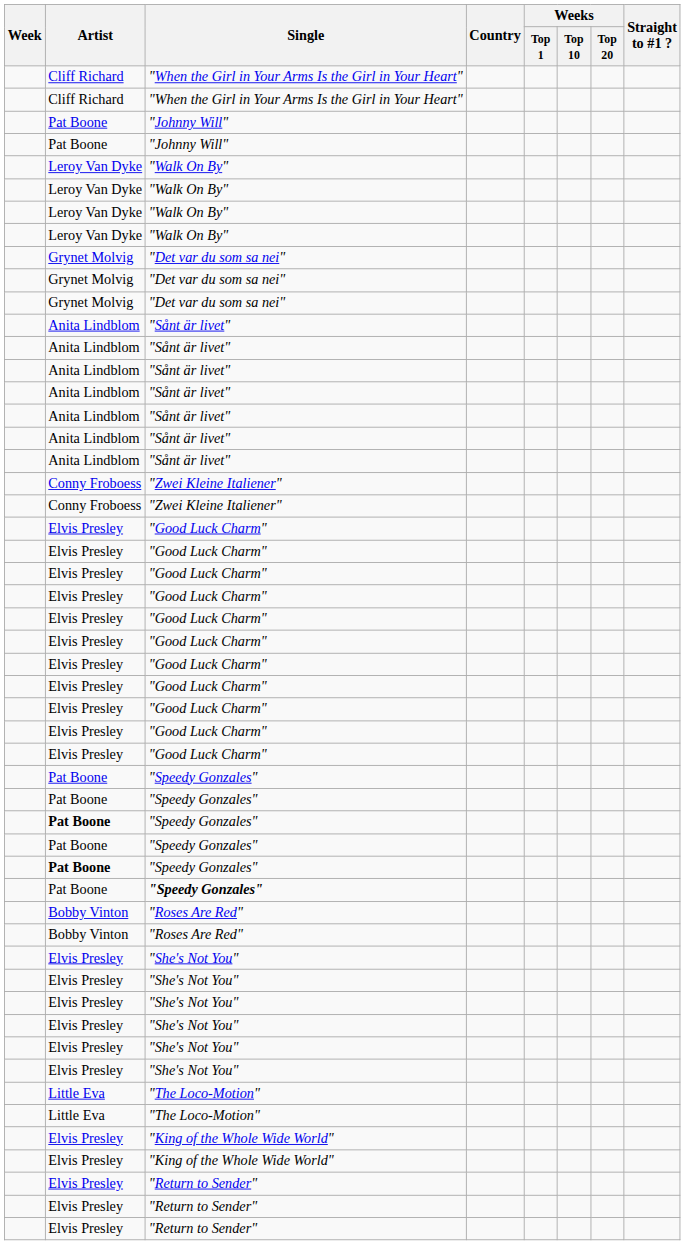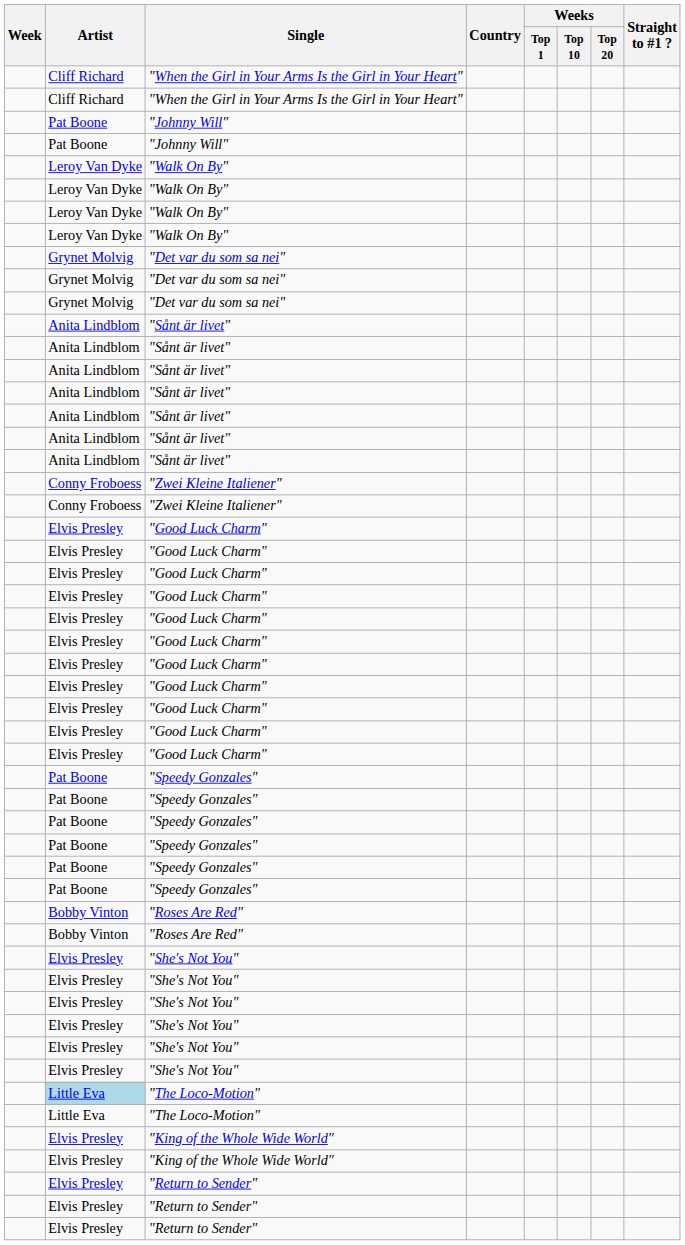 <table class="wikitable">
 <tr>
 <th rowspan="2">Week</th>
 <th rowspan="2">Artist</th>
 <th rowspan="2">Single</th>
 <th rowspan="2">Country</th>
 <th colspan="3">Weeks</th>
 <th rowspan="2">Straight <br>to #1 ?</th>
 </tr>
 <tr>
 <th width="30"><small>Top 1</small></th>
 <th width="30"><small>Top 10</small></th>
 <th width="30"><small>Top 20</small></th>
 </tr>
 <tr>
 <td></td>
 <td><a href='#'>Cliff Richard</a></td>
 <td><em>"<a href='#'>When the Girl in Your Arms Is the Girl in Your Heart</a>"</em></td>
 <td></td>
 <td></td>
 <td></td>
 <td></td>
 <td></td>
 </tr>
 <tr>
 <td></td>
 <td>Cliff Richard</td>
 <td><em>"When the Girl in Your Arms Is the Girl in Your Heart"</em></td>
 <td></td>
 <td></td>
 <td></td>
 <td></td>
 <td></td>
 </tr>
 <tr>
 <td></td>
 <td><a href='#'>Pat Boone</a></td>
 <td><em>"<a href='#'>Johnny Will</a>"</em></td>
 <td></td>
 <td></td>
 <td></td>
 <td></td>
 <td></td>
 </tr>
 <tr>
 <td></td>
 <td>Pat Boone</td>
 <td><em>"Johnny Will"</em></td>
 <td></td>
 <td></td>
 <td></td>
 <td></td>
 <td></td>
 </tr>
 <tr>
 <td></td>
 <td><a href='#'>Leroy Van Dyke</a></td>
 <td><em>"<a href='#'>Walk On By</a>"</em></td>
 <td></td>
 <td></td>
 <td></td>
 <td></td>
 <td></td>
 </tr>
 <tr>
 <td></td>
 <td>Leroy Van Dyke</td>
 <td><em>"Walk On By"</em></td>
 <td></td>
 <td></td>
 <td></td>
 <td></td>
 <td></td>
 </tr>
 <tr>
 <td></td>
 <td>Leroy Van Dyke</td>
 <td><em>"Walk On By"</em></td>
 <td></td>
 <td></td>
 <td></td>
 <td></td>
 <td></td>
 </tr>
 <tr>
 <td></td>
 <td>Leroy Van Dyke</td>
 <td><em>"Walk On By"</em></td>
 <td></td>
 <td></td>
 <td></td>
 <td></td>
 <td></td>
 </tr>
 <tr>
 <td></td>
 <td><a href='#'>Grynet Molvig</a></td>
 <td><em>"<a href='#'>Det var du som sa nei</a>"</em></td>
 <td></td>
 <td></td>
 <td></td>
 <td></td>
 <td></td>
 </tr>
 <tr>
 <td></td>
 <td>Grynet Molvig</td>
 <td><em>"Det var du som sa nei"</em></td>
 <td></td>
 <td></td>
 <td></td>
 <td></td>
 <td></td>
 </tr>
 <tr>
 <td></td>
 <td>Grynet Molvig</td>
 <td><em>"Det var du som sa nei"</em></td>
 <td></td>
 <td></td>
 <td></td>
 <td></td>
 <td></td>
 </tr>
 <tr>
 <td></td>
 <td><a href='#'>Anita Lindblom</a></td>
 <td><em>"<a href='#'>Sånt är livet</a>"</em></td>
 <td></td>
 <td></td>
 <td></td>
 <td></td>
 <td></td>
 </tr>
 <tr>
 <td></td>
 <td>Anita Lindblom</td>
 <td><em>"Sånt är livet"</em></td>
 <td></td>
 <td></td>
 <td></td>
 <td></td>
 <td></td>
 </tr>
 <tr>
 <td></td>
 <td>Anita Lindblom</td>
 <td><em>"Sånt är livet"</em></td>
 <td></td>
 <td></td>
 <td></td>
 <td></td>
 <td></td>
 </tr>
 <tr>
 <td></td>
 <td>Anita Lindblom</td>
 <td><em>"Sånt är livet"</em></td>
 <td></td>
 <td></td>
 <td></td>
 <td></td>
 <td></td>
 </tr>
 <tr>
 <td></td>
 <td>Anita Lindblom</td>
 <td><em>"Sånt är livet"</em></td>
 <td></td>
 <td></td>
 <td></td>
 <td></td>
 <td></td>
 </tr>
 <tr>
 <td></td>
 <td>Anita Lindblom</td>
 <td><em>"Sånt är livet"</em></td>
 <td></td>
 <td></td>
 <td></td>
 <td></td>
 <td></td>
 </tr>
 <tr>
 <td></td>
 <td>Anita Lindblom</td>
 <td><em>"Sånt är livet"</em></td>
 <td></td>
 <td></td>
 <td></td>
 <td></td>
 <td></td>
 </tr>
 <tr>
 <td></td>
 <td><a href='#'>Conny Froboess</a></td>
 <td><em>"<a href='#'>Zwei Kleine Italiener</a>"</em></td>
 <td></td>
 <td></td>
 <td></td>
 <td></td>
 <td></td>
 </tr>
 <tr>
 <td></td>
 <td>Conny Froboess</td>
 <td><em>"Zwei Kleine Italiener"</em></td>
 <td></td>
 <td></td>
 <td></td>
 <td></td>
 <td></td>
 </tr>
 <tr>
 <td></td>
 <td><a href='#'>Elvis Presley</a></td>
 <td><em>"<a href='#'>Good Luck Charm</a>"</em></td>
 <td></td>
 <td></td>
 <td></td>
 <td></td>
 <td></td>
 </tr>
 <tr>
 <td></td>
 <td>Elvis Presley</td>
 <td><em>"Good Luck Charm"</em></td>
 <td></td>
 <td></td>
 <td></td>
 <td></td>
 <td></td>
 </tr>
 <tr>
 <td></td>
 <td>Elvis Presley</td>
 <td><em>"Good Luck Charm"</em></td>
 <td></td>
 <td></td>
 <td></td>
 <td></td>
 <td></td>
 </tr>
 <tr>
 <td></td>
 <td>Elvis Presley</td>
 <td><em>"Good Luck Charm"</em></td>
 <td></td>
 <td></td>
 <td></td>
 <td></td>
 <td></td>
 </tr>
 <tr>
 <td></td>
 <td>Elvis Presley</td>
 <td><em>"Good Luck Charm"</em></td>
 <td></td>
 <td></td>
 <td></td>
 <td></td>
 <td></td>
 </tr>
 <tr>
 <td></td>
 <td>Elvis Presley</td>
 <td><em>"Good Luck Charm"</em></td>
 <td></td>
 <td></td>
 <td></td>
 <td></td>
 <td></td>
 </tr>
 <tr>
 <td></td>
 <td>Elvis Presley</td>
 <td><em>"Good Luck Charm"</em></td>
 <td></td>
 <td></td>
 <td></td>
 <td></td>
 <td></td>
 </tr>
 <tr>
 <td></td>
 <td>Elvis Presley</td>
 <td><em>"Good Luck Charm"</em></td>
 <td></td>
 <td></td>
 <td></td>
 <td></td>
 <td></td>
 </tr>
 <tr>
 <td></td>
 <td>Elvis Presley</td>
 <td><em>"Good Luck Charm"</em></td>
 <td></td>
 <td></td>
 <td></td>
 <td></td>
 <td></td>
 </tr>
 <tr>
 <td></td>
 <td>Elvis Presley</td>
 <td><em>"Good Luck Charm"</em></td>
 <td></td>
 <td></td>
 <td></td>
 <td></td>
 <td></td>
 </tr>
 <tr>
 <td></td>
 <td>Elvis Presley</td>
 <td><em>"Good Luck Charm"</em></td>
 <td></td>
 <td></td>
 <td></td>
 <td></td>
 <td></td>
 </tr>
 <tr>
 <td></td>
 <td><a href='#'>Pat Boone</a></td>
 <td><em>"<a href='#'>Speedy Gonzales</a>"</em></td>
 <td></td>
 <td></td>
 <td></td>
 <td></td>
 <td></td>
 </tr>
 <tr>
 <td></td>
 <td>Pat Boone</td>
 <td><em>"Speedy Gonzales"</em></td>
 <td></td>
 <td></td>
 <td></td>
 <td></td>
 <td></td>
 </tr>
 <tr>
 <td></td>
-<td><strong>Pat Boone</strong></td>
+<td>Pat Boone</td>
 <td><em>"Speedy Gonzales"</em></td>
 <td></td>
 <td></td>
 <td></td>
 <td></td>
 <td></td>
 </tr>
 <tr>
 <td></td>
 <td>Pat Boone</td>
 <td><em>"Speedy Gonzales"</em></td>
 <td></td>
 <td></td>
 <td></td>
 <td></td>
 <td></td>
 </tr>
 <tr>
 <td></td>
-<td><strong>Pat Boone</strong></td>
+<td>Pat Boone</td>
 <td><em>"Speedy Gonzales"</em></td>
 <td></td>
 <td></td>
 <td></td>
 <td></td>
 <td></td>
 </tr>
 <tr>
 <td></td>
 <td>Pat Boone</td>
-<td><strong><em>"Speedy Gonzales"</em></strong></td>
+<td><em>"Speedy Gonzales"</em></td>
 <td></td>
 <td></td>
 <td></td>
 <td></td>
 <td></td>
 </tr>
 <tr>
 <td></td>
 <td><a href='#'>Bobby Vinton</a></td>
 <td><em>"<a href='#'>Roses Are Red</a>"</em></td>
 <td></td>
 <td></td>
 <td></td>
 <td></td>
 <td></td>
 </tr>
 <tr>
 <td></td>
 <td>Bobby Vinton</td>
 <td><em>"Roses Are Red"</em></td>
 <td></td>
 <td></td>
 <td></td>
 <td></td>
 <td></td>
 </tr>
 <tr>
 <td></td>
 <td><a href='#'>Elvis Presley</a></td>
 <td><em>"<a href='#'>She's Not You</a>"</em></td>
 <td></td>
 <td></td>
 <td></td>
 <td></td>
 <td></td>
 </tr>
 <tr>
 <td></td>
 <td>Elvis Presley</td>
 <td><em>"She's Not You"</em></td>
 <td></td>
 <td></td>
 <td></td>
 <td></td>
 <td></td>
 </tr>
 <tr>
 <td></td>
 <td>Elvis Presley</td>
 <td><em>"She's Not You"</em></td>
 <td></td>
 <td></td>
 <td></td>
 <td></td>
 <td></td>
 </tr>
 <tr>
 <td></td>
 <td>Elvis Presley</td>
 <td><em>"She's Not You"</em></td>
 <td></td>
 <td></td>
 <td></td>
 <td></td>
 <td></td>
 </tr>
 <tr>
 <td></td>
 <td>Elvis Presley</td>
 <td><em>"She's Not You"</em></td>
 <td></td>
 <td></td>
 <td></td>
 <td></td>
 <td></td>
 </tr>
 <tr>
 <td></td>
 <td>Elvis Presley</td>
 <td><em>"She's Not You"</em></td>
 <td></td>
 <td></td>
 <td></td>
 <td></td>
 <td></td>
 </tr>
 <tr>
 <td></td>
-<td><a href='#'>Little Eva</a></td>
+<td style="background: lightblue;"><a href='#'>Little Eva</a></td>
 <td><em>"<a href='#'>The Loco-Motion</a>"</em></td>
 <td></td>
 <td></td>
 <td></td>
 <td></td>
 <td></td>
 </tr>
 <tr>
 <td></td>
 <td>Little Eva</td>
 <td><em>"The Loco-Motion"</em></td>
 <td></td>
 <td></td>
 <td></td>
 <td></td>
 <td></td>
 </tr>
 <tr>
 <td></td>
 <td><a href='#'>Elvis Presley</a></td>
 <td><em>"<a href='#'>King of the Whole Wide World</a>"</em></td>
 <td></td>
 <td></td>
 <td></td>
 <td></td>
 <td></td>
 </tr>
 <tr>
 <td></td>
 <td>Elvis Presley</td>
 <td><em>"King of the Whole Wide World"</em></td>
 <td></td>
 <td></td>
 <td></td>
 <td></td>
 <td></td>
 </tr>
 <tr>
 <td></td>
 <td><a href='#'>Elvis Presley</a></td>
 <td><em>"<a href='#'>Return to Sender</a>"</em></td>
 <td></td>
 <td></td>
 <td></td>
 <td></td>
 <td></td>
 </tr>
 <tr>
 <td></td>
 <td>Elvis Presley</td>
 <td><em>"Return to Sender"</em></td>
 <td></td>
 <td></td>
 <td></td>
 <td></td>
 <td></td>
 </tr>
 <tr>
 <td></td>
 <td>Elvis Presley</td>
 <td><em>"Return to Sender"</em></td>
 <td></td>
 <td></td>
 <td></td>
 <td></td>
 <td></td>
 </tr>
 </table>
